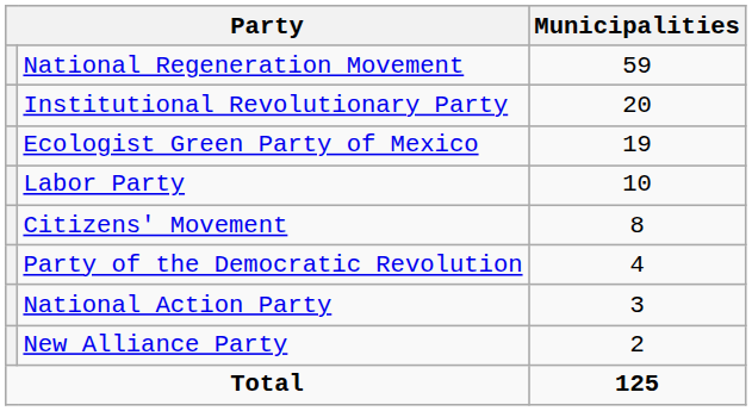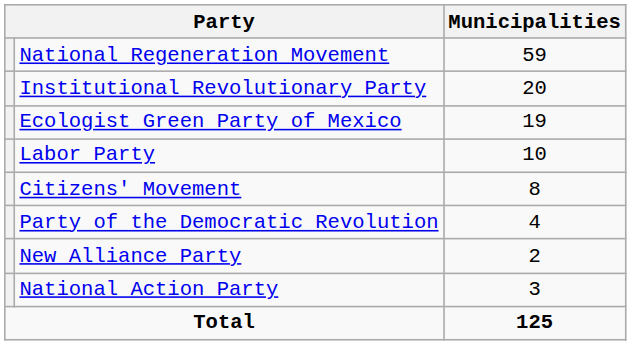 <table class="wikitable" style="text-align:center;">
 <tr>
 <th colspan="2">Party</th>
 <th>Municipalities</th>
 </tr>
 <tr>
 <th style="background-color:"></th>
 <td style="text-align:left;"><a href='#'>National Regeneration Movement</a></td>
 <td>59</td>
 </tr>
 <tr>
 <th style="background-color:"></th>
 <td style="text-align:left;"><a href='#'>Institutional Revolutionary Party</a></td>
 <td>20</td>
 </tr>
 <tr>
 <th style="background-color:"></th>
 <td style="text-align:left;"><a href='#'>Ecologist Green Party of Mexico</a></td>
 <td>19</td>
 </tr>
 <tr>
 <th style="background-color:"></th>
 <td style="text-align:left;"><a href='#'>Labor Party</a></td>
 <td>10</td>
 </tr>
 <tr>
 <th style="background-color:"></th>
 <td style="text-align:left;"><a href='#'>Citizens' Movement</a></td>
 <td>8</td>
 </tr>
 <tr>
 <th style="background-color:"></th>
 <td style="text-align:left;"><a href='#'>Party of the Democratic Revolution</a></td>
 <td>4</td>
 </tr>
 <tr>
 <th style="background-color:"></th>
-<td style="text-align:left;"><a href='#'>National Action Party</a></td>
-<td>3</td>
+<td style="text-align:left;"><a href='#'>New Alliance Party</a></td>
+<td>2</td>
 </tr>
 <tr>
 <th style="background-color:"></th>
-<td style="text-align:left;"><a href='#'>New Alliance Party</a></td>
-<td>2</td>
+<td style="text-align:left;"><a href='#'>National Action Party</a></td>
+<td>3</td>
 </tr>
 <tr>
 <td colspan="2"><strong>Total</strong></td>
 <td><strong>125</strong></td>
 </tr>
 </table>
